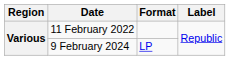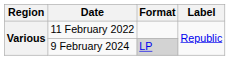 <table class="wikitable plainrowheaders">
 <tr>
 <th scope="col">Region</th>
 <th scope="col">Date</th>
 <th scope="col">Format</th>
 <th scope="col">Label</th>
 </tr>
 <tr>
 <th rowspan="2" scope="row">Various</th>
 <td>11 February 2022</td>
 <td></td>
 <td rowspan="2"><a href='#'>Republic</a></td>
 </tr>
 <tr>
 <td>9 February 2024</td>
-<td><a href='#'>LP</a></td>
+<td style="background: lightgrey;"><a href='#'>LP</a></td>
 </tr>
 </table>
